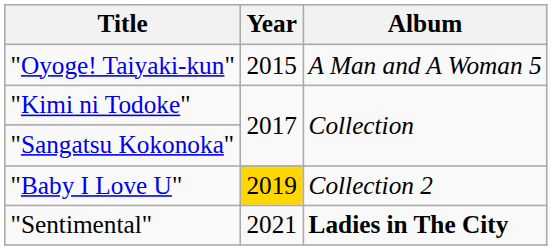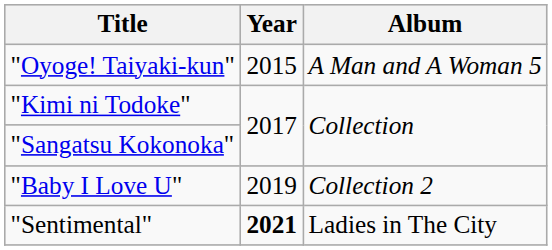 <table class="wikitable">
 <tr>
 <th>Title</th>
 <th>Year</th>
 <th>Album</th>
 </tr>
 <tr>
 <td>"<a href='#'>Oyoge! Taiyaki-kun</a>"<br></td>
 <td>2015</td>
 <td><em>A Man and A Woman 5</em></td>
 </tr>
 <tr>
 <td>"<a href='#'>Kimi ni Todoke</a>"<br></td>
 <td rowspan="2">2017</td>
 <td rowspan="2"><em>Collection</em></td>
 </tr>
 <tr>
 <td>"<a href='#'>Sangatsu Kokonoka</a>"<br></td>
 </tr>
 <tr>
 <td>"<a href='#'>Baby I Love U</a>"<br></td>
-<td style="background: gold;">2019</td>
+<td>2019</td>
 <td><em>Collection 2</em></td>
 </tr>
 <tr>
 <td>"Sentimental"<br></td>
-<td>2021</td>
-<td><strong>Ladies in The City</strong></td>
+<td><strong>2021</strong></td>
+<td>Ladies in The City</td>
 </tr>
 </table>
